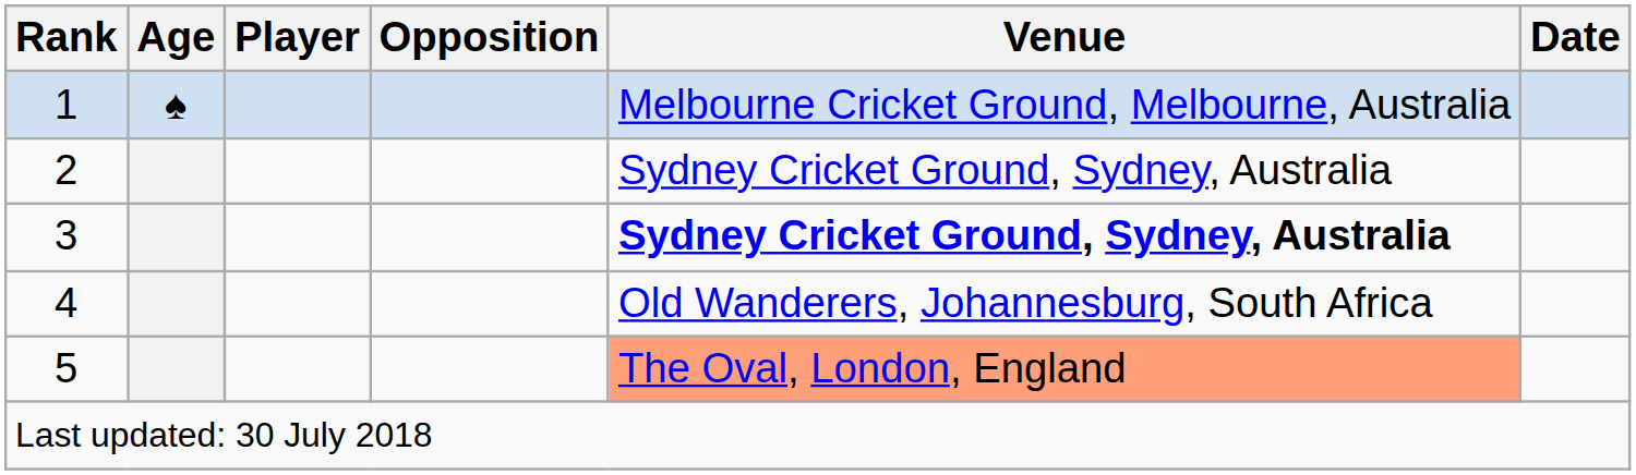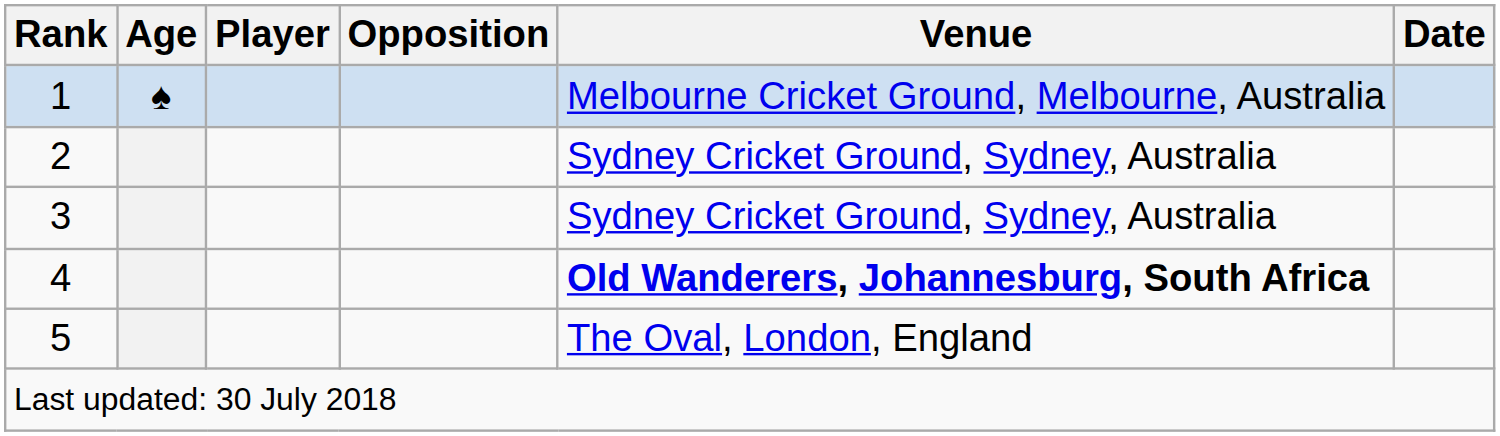 <table class="wikitable plainrowheaders sortable">
 <tr>
 <th scope=col>Rank</th>
 <th scope=col>Age</th>
 <th scope=col>Player</th>
 <th scope=col>Opposition</th>
 <th scope=col>Venue</th>
 <th scope=col>Date</th>
 </tr>
 <tr bgcolor=#cee0f2>
 <td align=center>1</td>
 <th scope=row style="background:#cee0f2; text-align:center;"> ♠</th>
 <td></td>
 <td></td>
 <td><a href='#'>Melbourne Cricket Ground</a>, <a href='#'>Melbourne</a>, Australia</td>
 <td><a href='#'></a></td>
 </tr>
 <tr>
 <td align=center>2</td>
 <th scope=row style=text-align:center;></th>
 <td></td>
 <td></td>
 <td><a href='#'>Sydney Cricket Ground</a>, <a href='#'>Sydney</a>, Australia</td>
 <td><a href='#'></a></td>
 </tr>
 <tr>
 <td align=center>3</td>
 <th scope=row style=text-align:center;></th>
 <td></td>
 <td></td>
-<td><strong><a href='#'>Sydney Cricket Ground</a>, <a href='#'>Sydney</a>, Australia</strong></td>
+<td><a href='#'>Sydney Cricket Ground</a>, <a href='#'>Sydney</a>, Australia</td>
 <td><a href='#'></a></td>
 </tr>
 <tr>
 <td align=center>4</td>
 <th scope=row style=text-align:center;></th>
 <td></td>
 <td></td>
-<td><a href='#'>Old Wanderers</a>, <a href='#'>Johannesburg</a>, South Africa</td>
+<td><strong><a href='#'>Old Wanderers</a>, <a href='#'>Johannesburg</a>, South Africa</strong></td>
 <td><a href='#'></a></td>
 </tr>
 <tr>
 <td align=center>5</td>
 <th scope=row style=text-align:center;></th>
 <td></td>
 <td></td>
-<td style="background: lightsalmon;"><a href='#'>The Oval</a>, <a href='#'>London</a>, England</td>
+<td><a href='#'>The Oval</a>, <a href='#'>London</a>, England</td>
 <td><a href='#'></a></td>
 </tr>
 <tr class=sortbottom>
 <td colspan=7><small>Last updated: 30 July 2018</small></td>
 </tr>
 </table>
